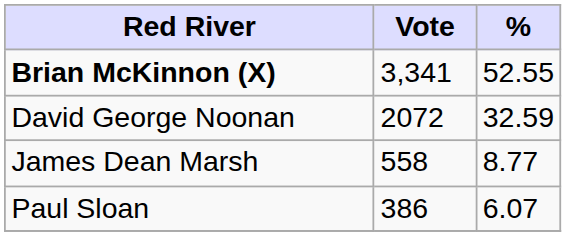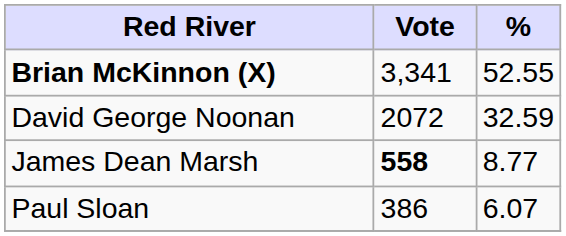 <table class="wikitable">
 <tr>
 <th style="background:#ddf; width:200px;">Red River </th>
 <th style="background:#ddf; width:50px;">Vote</th>
 <th style="background:#ddf; width:30px;">%</th>
 </tr>
 <tr>
 <td><strong>Brian McKinnon (X)</strong></td>
 <td>3,341</td>
 <td>52.55</td>
 </tr>
 <tr>
 <td>David George Noonan</td>
 <td>2072</td>
 <td>32.59</td>
 </tr>
 <tr>
 <td>James Dean Marsh</td>
-<td>558</td>
+<td><strong>558</strong></td>
 <td>8.77</td>
 </tr>
 <tr>
 <td>Paul Sloan</td>
 <td>386</td>
 <td>6.07</td>
 </tr>
 <tr>
 </tr>
 </table>
